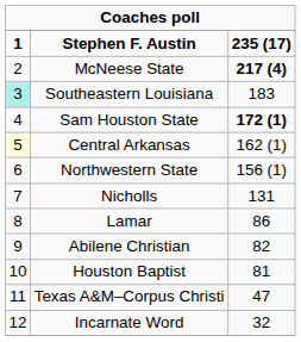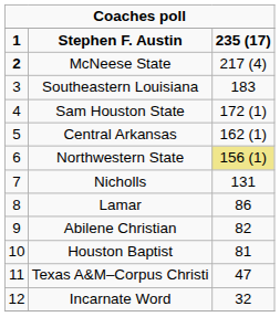 <table class="wikitable">
 <tr align="center">
 <td align="center" Colspan="3"><strong>Coaches poll</strong></td>
 </tr>
 <tr align="center">
 </tr>
 <tr align="center">
 <td><strong>1</strong></td>
 <td><strong>Stephen F. Austin</strong></td>
 <td><strong>235 (17)</strong></td>
 </tr>
 <tr align="center">
-<td>2</td>
+<td><strong>2</strong></td>
 <td>McNeese State</td>
-<td><strong>217 (4)</strong></td>
+<td>217 (4)</td>
 </tr>
 <tr align="center">
-<td style="background: paleturquoise;">3</td>
+<td>3</td>
 <td>Southeastern Louisiana</td>
 <td>183</td>
 </tr>
 <tr align="center">
 <td>4</td>
 <td>Sam Houston State</td>
-<td><strong>172 (1)</strong></td>
+<td>172 (1)</td>
 </tr>
 <tr align="center">
-<td style="background: lightyellow;">5</td>
+<td>5</td>
 <td>Central Arkansas</td>
 <td>162 (1)</td>
 </tr>
 <tr align="center">
 <td>6</td>
 <td>Northwestern State</td>
-<td>156 (1)</td>
+<td style="background: khaki;">156 (1)</td>
 </tr>
 <tr align="center">
 <td>7</td>
 <td>Nicholls</td>
 <td>131</td>
 </tr>
 <tr align="center">
 <td>8</td>
 <td>Lamar</td>
 <td>86</td>
 </tr>
 <tr align="center">
 <td>9</td>
 <td>Abilene Christian</td>
 <td>82</td>
 </tr>
 <tr align="center">
 <td>10</td>
 <td>Houston Baptist</td>
 <td>81</td>
 </tr>
 <tr align="center">
 <td>11</td>
 <td>Texas A&M–Corpus Christi</td>
 <td>47</td>
 </tr>
 <tr align="center">
 <td>12</td>
 <td>Incarnate Word</td>
 <td>32</td>
 </tr>
 <tr align="center">
 </tr>
 </table>
